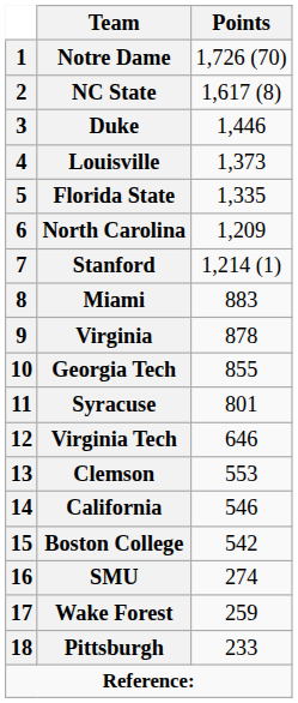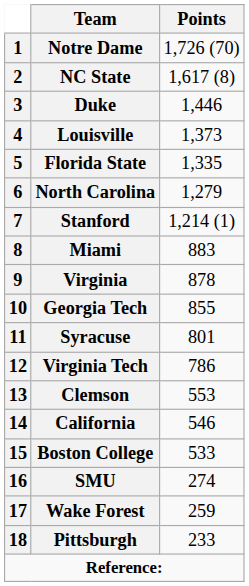 <table class="wikitable" style="white-space:nowrap; text-align: center;">
 <tr>
 <td ! colspan=1 style="background:white; border-top-style:hidden; border-left-style:hidden;"></td>
 <th>Team</th>
 <th>Points</th>
 </tr>
 <tr>
 <th>1</th>
 <th>Notre Dame</th>
 <td>1,726 (70)</td>
 </tr>
 <tr>
 <th>2</th>
 <th>NC State</th>
 <td>1,617 (8)</td>
 </tr>
 <tr>
 <th>3</th>
 <th>Duke</th>
 <td>1,446</td>
 </tr>
 <tr>
 <th>4</th>
 <th>Louisville</th>
 <td>1,373</td>
 </tr>
 <tr>
 <th>5</th>
 <th style=>Florida State</th>
 <td>1,335</td>
 </tr>
 <tr>
 <th>6</th>
 <th>North Carolina</th>
-<td>1,209</td>
+<td>1,279</td>
 </tr>
 <tr>
 <th>7</th>
 <th>Stanford</th>
 <td>1,214 (1)</td>
 </tr>
 <tr>
 <th>8</th>
 <th>Miami</th>
 <td>883</td>
 </tr>
 <tr>
 <th>9</th>
 <th>Virginia</th>
 <td>878</td>
 </tr>
 <tr>
 <th>10</th>
 <th>Georgia Tech</th>
 <td>855</td>
 </tr>
 <tr>
 <th>11</th>
 <th>Syracuse</th>
 <td>801</td>
 </tr>
 <tr>
 <th>12</th>
 <th>Virginia Tech</th>
-<td>646</td>
+<td>786</td>
 </tr>
 <tr>
 <th>13</th>
 <th>Clemson</th>
 <td>553</td>
 </tr>
 <tr>
 <th>14</th>
 <th>California</th>
 <td>546</td>
 </tr>
 <tr>
 <th>15</th>
 <th>Boston College</th>
-<td>542</td>
+<td>533</td>
 </tr>
 <tr>
 <th>16</th>
 <th>SMU</th>
 <td>274</td>
 </tr>
 <tr>
 <th>17</th>
 <th>Wake Forest</th>
 <td>259</td>
 </tr>
 <tr>
 <th>18</th>
 <th>Pittsburgh</th>
 <td>233</td>
 </tr>
 <tr>
 <td colspan="4"  style="font-size:11pt; text-align:center;"><strong>Reference:</strong><br><em></em></td>
 </tr>
 </table>
